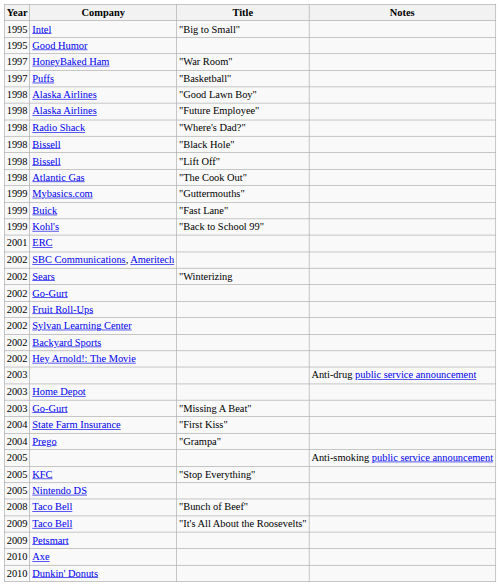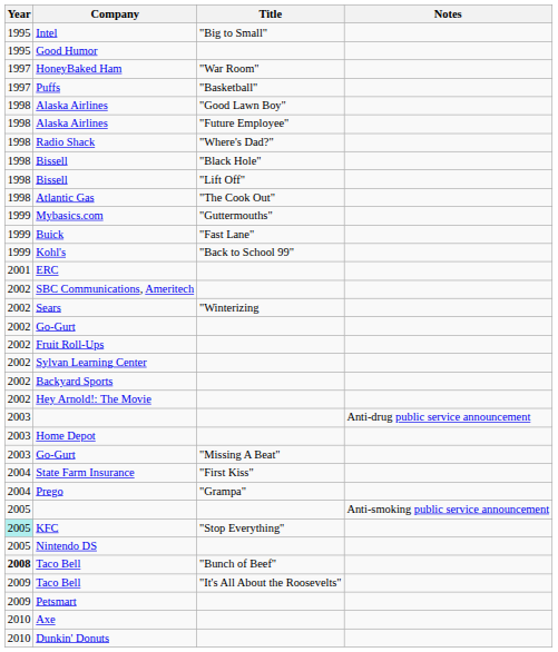 <table class = "wikitable unsortable">
 <tr>
 <th>Year</th>
 <th>Company</th>
 <th>Title</th>
 <th>Notes</th>
 </tr>
 <tr>
 <td>1995</td>
 <td><a href='#'>Intel</a></td>
 <td>"Big to Small"</td>
 <td></td>
 </tr>
 <tr>
 <td>1995</td>
 <td><a href='#'>Good Humor</a></td>
 <td></td>
 <td></td>
 </tr>
 <tr>
 <td>1997</td>
 <td><a href='#'>HoneyBaked Ham</a></td>
 <td>"War Room"</td>
 <td></td>
 </tr>
 <tr>
 <td>1997</td>
 <td><a href='#'>Puffs</a></td>
 <td>"Basketball"</td>
 <td></td>
 </tr>
 <tr>
 <td>1998</td>
 <td><a href='#'>Alaska Airlines</a></td>
 <td>"Good Lawn Boy"</td>
 <td></td>
 </tr>
 <tr>
 <td>1998</td>
 <td><a href='#'>Alaska Airlines</a></td>
 <td>"Future Employee"</td>
 <td></td>
 </tr>
 <tr>
 <td>1998</td>
 <td><a href='#'>Radio Shack</a></td>
 <td>"Where's Dad?"</td>
 <td></td>
 </tr>
 <tr>
 <td>1998</td>
 <td><a href='#'>Bissell</a></td>
 <td>"Black Hole"</td>
 </tr>
 <tr>
 <td>1998</td>
 <td><a href='#'>Bissell</a></td>
 <td>"Lift Off"</td>
 <td></td>
 </tr>
 <tr>
 <td>1998</td>
 <td><a href='#'>Atlantic Gas</a></td>
 <td>"The Cook Out"</td>
 <td></td>
 </tr>
 <tr>
 <td>1999</td>
 <td><a href='#'>Mybasics.com</a></td>
 <td>"Guttermouths"</td>
 <td></td>
 </tr>
 <tr>
 <td>1999</td>
 <td><a href='#'>Buick</a></td>
 <td>"Fast Lane"</td>
 <td></td>
 </tr>
 <tr>
 <td>1999</td>
 <td><a href='#'>Kohl's</a></td>
 <td>"Back to School 99"</td>
 <td></td>
 </tr>
 <tr>
 <td>2001</td>
 <td><a href='#'>ERC</a></td>
 <td></td>
 <td></td>
 </tr>
 <tr>
 <td>2002</td>
 <td><a href='#'>SBC Communications</a>, <a href='#'>Ameritech</a></td>
 <td></td>
 <td></td>
 </tr>
 <tr>
 <td>2002</td>
 <td><a href='#'>Sears</a></td>
 <td>"Winterizing</td>
 <td></td>
 </tr>
 <tr>
 <td>2002</td>
 <td><a href='#'>Go-Gurt</a></td>
 <td></td>
 <td></td>
 </tr>
 <tr>
 <td>2002</td>
 <td><a href='#'>Fruit Roll-Ups</a></td>
 <td></td>
 <td></td>
 </tr>
 <tr>
 <td>2002</td>
 <td><a href='#'>Sylvan Learning Center</a></td>
 <td></td>
 <td></td>
 </tr>
 <tr>
 <td>2002</td>
 <td><a href='#'>Backyard Sports</a></td>
 <td></td>
 <td></td>
 </tr>
 <tr>
 <td>2002</td>
 <td><a href='#'>Hey Arnold!: The Movie</a></td>
 <td></td>
 <td></td>
 </tr>
 <tr>
 <td>2003</td>
 <td></td>
 <td></td>
 <td>Anti-drug <a href='#'>public service announcement</a></td>
 </tr>
 <tr>
 <td>2003</td>
 <td><a href='#'>Home Depot</a></td>
 <td></td>
 <td></td>
 </tr>
 <tr>
 <td>2003</td>
 <td><a href='#'>Go-Gurt</a></td>
 <td>"Missing A Beat"</td>
 <td></td>
 </tr>
 <tr>
 <td>2004</td>
 <td><a href='#'>State Farm Insurance</a></td>
 <td>"First Kiss"</td>
 <td></td>
 </tr>
 <tr>
 <td>2004</td>
 <td><a href='#'>Prego</a></td>
 <td>"Grampa"</td>
 <td></td>
 </tr>
 <tr>
 <td>2005</td>
 <td></td>
 <td></td>
 <td>Anti-smoking <a href='#'>public service announcement</a></td>
 </tr>
 <tr>
-<td>2005</td>
+<td style="background: paleturquoise;">2005</td>
 <td><a href='#'>KFC</a></td>
 <td>"Stop Everything"</td>
 <td></td>
 </tr>
 <tr>
 <td>2005</td>
 <td><a href='#'>Nintendo DS</a></td>
 <td></td>
 <td></td>
 </tr>
 <tr>
-<td>2008</td>
+<td><strong>2008</strong></td>
 <td><a href='#'>Taco Bell</a></td>
 <td>"Bunch of Beef"</td>
 <td></td>
 </tr>
 <tr>
 <td>2009</td>
 <td><a href='#'>Taco Bell</a></td>
 <td>"It's All About the Roosevelts"</td>
 <td></td>
 </tr>
 <tr>
 <td>2009</td>
 <td><a href='#'>Petsmart</a></td>
 <td></td>
 <td></td>
 </tr>
 <tr>
 <td>2010</td>
 <td><a href='#'>Axe</a></td>
 <td></td>
 <td></td>
 </tr>
 <tr>
 <td>2010</td>
 <td><a href='#'>Dunkin' Donuts</a></td>
 <td></td>
 <td></td>
 </tr>
 </table>
